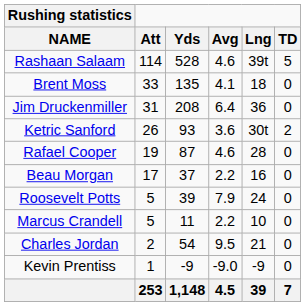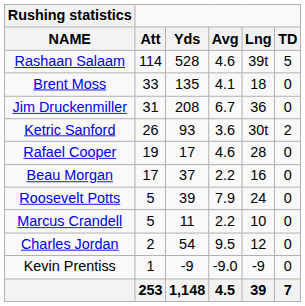 <table class="wikitable sortable" style="text-align:center;">
 <tr>
 <th style="text-align:center;">Rushing statistics</th>
 </tr>
 <tr>
 <th>NAME</th>
 <th>Att</th>
 <th>Yds</th>
 <th>Avg</th>
 <th>Lng</th>
 <th>TD</th>
 </tr>
 <tr>
 <td><a href='#'>Rashaan Salaam</a></td>
 <td>114</td>
 <td>528</td>
 <td>4.6</td>
 <td>39t</td>
 <td>5</td>
 </tr>
 <tr>
 <td><a href='#'>Brent Moss</a></td>
 <td>33</td>
 <td>135</td>
 <td>4.1</td>
 <td>18</td>
 <td>0</td>
 </tr>
 <tr>
 <td><a href='#'>Jim Druckenmiller</a></td>
 <td>31</td>
 <td>208</td>
-<td>6.4</td>
+<td>6.7</td>
 <td>36</td>
 <td>0</td>
 </tr>
 <tr>
 <td><a href='#'>Ketric Sanford</a></td>
 <td>26</td>
 <td>93</td>
 <td>3.6</td>
 <td>30t</td>
 <td>2</td>
 </tr>
 <tr>
 <td><a href='#'>Rafael Cooper</a></td>
 <td>19</td>
-<td>87</td>
+<td>17</td>
 <td>4.6</td>
 <td>28</td>
 <td>0</td>
 </tr>
 <tr>
 <td><a href='#'>Beau Morgan</a></td>
 <td>17</td>
 <td>37</td>
 <td>2.2</td>
 <td>16</td>
 <td>0</td>
 </tr>
 <tr>
 <td><a href='#'>Roosevelt Potts</a></td>
 <td>5</td>
 <td>39</td>
 <td>7.9</td>
 <td>24</td>
 <td>0</td>
 </tr>
 <tr>
 <td><a href='#'>Marcus Crandell</a></td>
 <td>5</td>
 <td>11</td>
 <td>2.2</td>
 <td>10</td>
 <td>0</td>
 </tr>
 <tr>
 <td><a href='#'>Charles Jordan</a></td>
 <td>2</td>
 <td>54</td>
 <td>9.5</td>
-<td>21</td>
+<td>12</td>
 <td>0</td>
 </tr>
 <tr>
 <td>Kevin Prentiss</td>
 <td>1</td>
 <td>-9</td>
 <td>-9.0</td>
 <td>-9</td>
 <td>0</td>
 </tr>
 <tr>
 <th colspan="1"></th>
 <th>253</th>
 <th>1,148</th>
 <th>4.5</th>
 <th>39</th>
 <th>7</th>
 </tr>
 </table>
